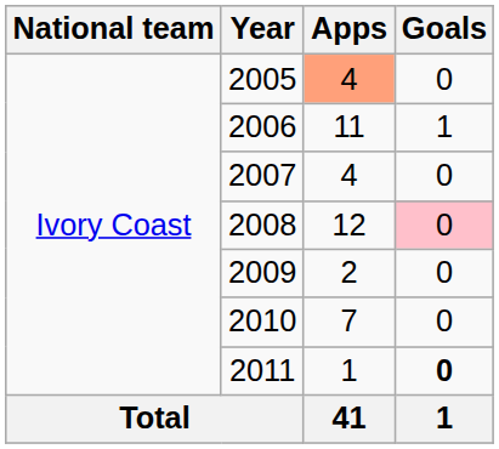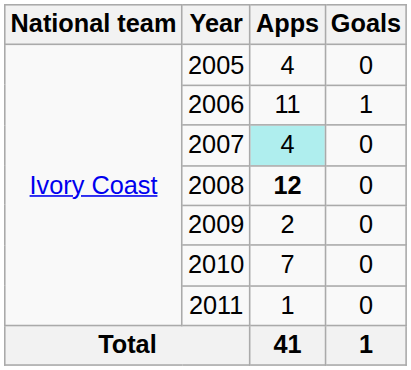 <table class="wikitable" style="text-align: center;">
 <tr>
 <th>National team</th>
 <th>Year</th>
 <th>Apps</th>
 <th>Goals</th>
 </tr>
 <tr>
 <td rowspan="7"><a href='#'>Ivory Coast</a></td>
 <td>2005</td>
-<td style="background: lightsalmon;">4</td>
+<td>4</td>
 <td>0</td>
 </tr>
 <tr>
 <td>2006</td>
 <td>11</td>
 <td>1</td>
 </tr>
 <tr>
 <td>2007</td>
-<td>4</td>
+<td style="background: paleturquoise;">4</td>
 <td>0</td>
 </tr>
 <tr>
 <td>2008</td>
-<td>12</td>
-<td style="background: pink;">0</td>
+<td><strong>12</strong></td>
+<td>0</td>
 </tr>
 <tr>
 <td>2009</td>
 <td>2</td>
 <td>0</td>
 </tr>
 <tr>
 <td>2010</td>
 <td>7</td>
 <td>0</td>
 </tr>
 <tr>
 <td>2011</td>
 <td>1</td>
-<td><strong>0</strong></td>
+<td>0</td>
 </tr>
 <tr>
 <th colspan="2">Total</th>
 <th>41</th>
 <th>1</th>
 </tr>
 </table>
